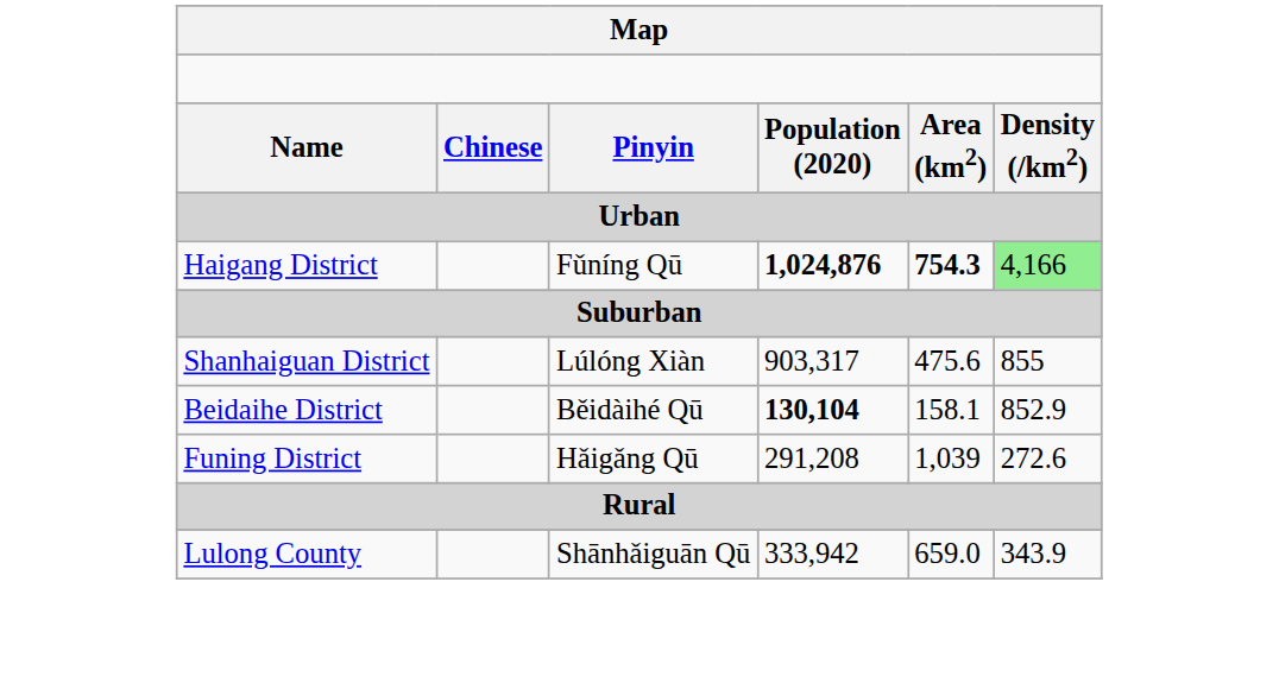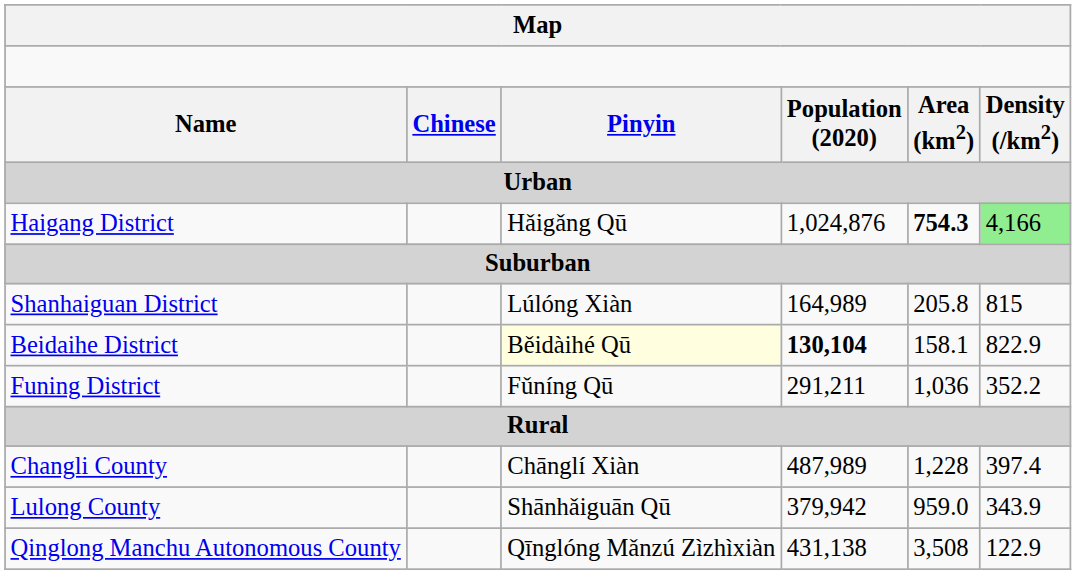 <table class="wikitable"  style="font-size:90%; margin:auto;">
 <tr>
 <th colspan="6">Map</th>
 </tr>
 <tr>
 <td colspan="6"><div><br>          </div></td>
 </tr>
 <tr>
 <th>Name</th>
 <th><a href='#'>Chinese</a></th>
 <th><a href='#'>Pinyin</a></th>
 <th>Population<br>(2020)</th>
 <th>Area<br>(km<sup>2</sup>)</th>
 <th>Density <br>(/km<sup>2</sup>)</th>
 </tr>
 <tr>
 <td colspan="6"  style="text-align:center; background:#d3d3d3;"><strong>Urban</strong></td>
 </tr>
 <tr>
 <td><a href='#'>Haigang District</a></td>
 <td></td>
-<td>Fǔníng Qū</td>
-<td><strong>1,024,876</strong></td>
+<td>Hǎigǎng Qū</td>
+<td>1,024,876</td>
 <td><strong>754.3</strong></td>
 <td style="background: lightgreen;">4,166</td>
 </tr>
 <tr>
 <td colspan="6"  style="text-align:center; background:#d3d3d3;"><strong>Suburban</strong></td>
 </tr>
 <tr>
 <td><a href='#'>Shanhaiguan District</a></td>
 <td></td>
 <td>Lúlóng Xiàn</td>
-<td>903,317</td>
-<td>475.6</td>
-<td>855</td>
+<td>164,989</td>
+<td>205.8</td>
+<td>815</td>
 </tr>
 <tr>
 <td><a href='#'>Beidaihe District</a></td>
 <td></td>
-<td>Běidàihé Qū</td>
+<td style="background: lightyellow;">Běidàihé Qū</td>
 <td><strong>130,104</strong></td>
 <td>158.1</td>
-<td>852.9</td>
+<td>822.9</td>
 </tr>
 <tr>
 <td><a href='#'>Funing District</a></td>
 <td></td>
-<td>Hǎigǎng Qū</td>
-<td>291,208</td>
-<td>1,039</td>
-<td>272.6</td>
+<td>Fǔníng Qū</td>
+<td>291,211</td>
+<td>1,036</td>
+<td>352.2</td>
 </tr>
 <tr>
 <td colspan="6"  style="text-align:center; background:#d3d3d3;"><strong>Rural</strong></td>
 </tr>
 <tr>
+<td><a href='#'>Changli County</a></td>
+<td></td>
+<td>Chānglí Xiàn</td>
+<td>487,989</td>
+<td>1,228</td>
+<td>397.4</td>
+</tr>
+<tr>
 <td><a href='#'>Lulong County</a></td>
 <td></td>
 <td>Shānhǎiguān Qū</td>
-<td>333,942</td>
-<td>659.0</td>
+<td>379,942</td>
+<td>959.0</td>
 <td>343.9</td>
 </tr>
+<tr>
+<td><a href='#'>Qinglong Manchu Autonomous County</a></td>
+<td></td>
+<td>Qīnglóng Mǎnzú Zìzhìxiàn</td>
+<td>431,138</td>
+<td>3,508</td>
+<td>122.9</td>
+</tr>
 </table>
